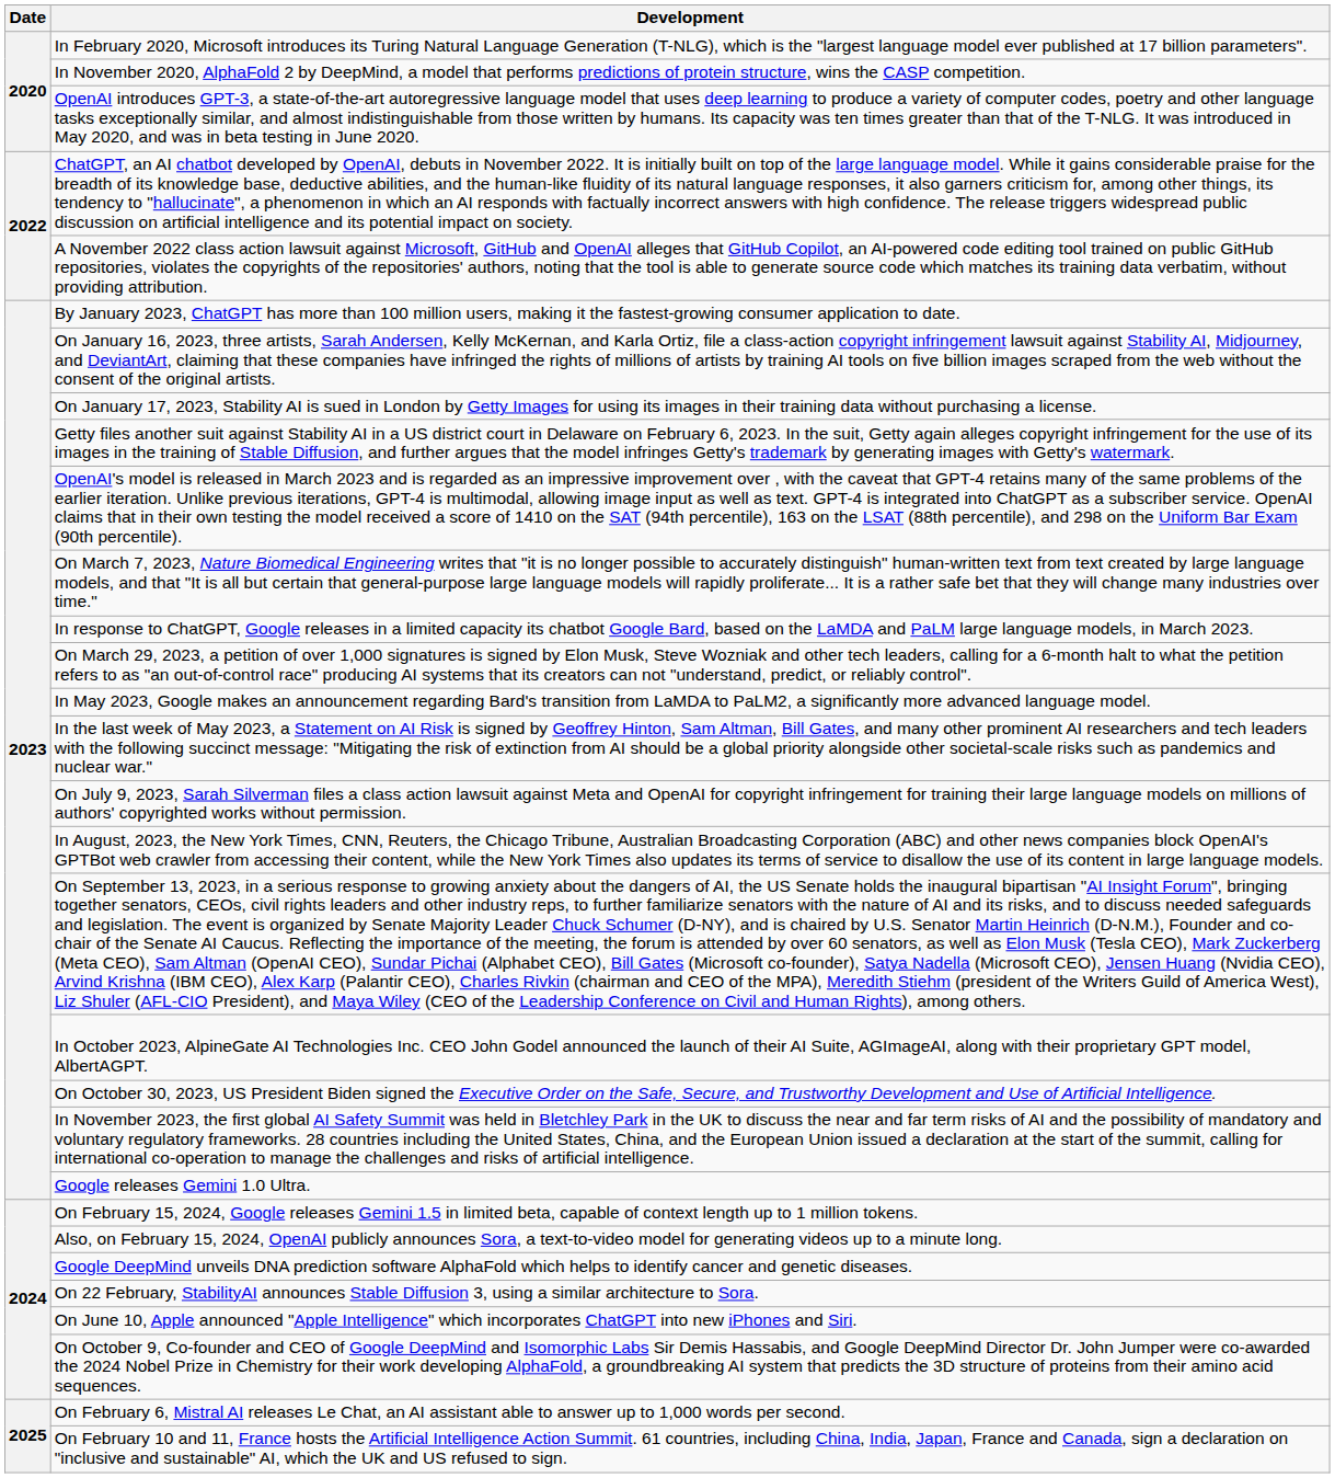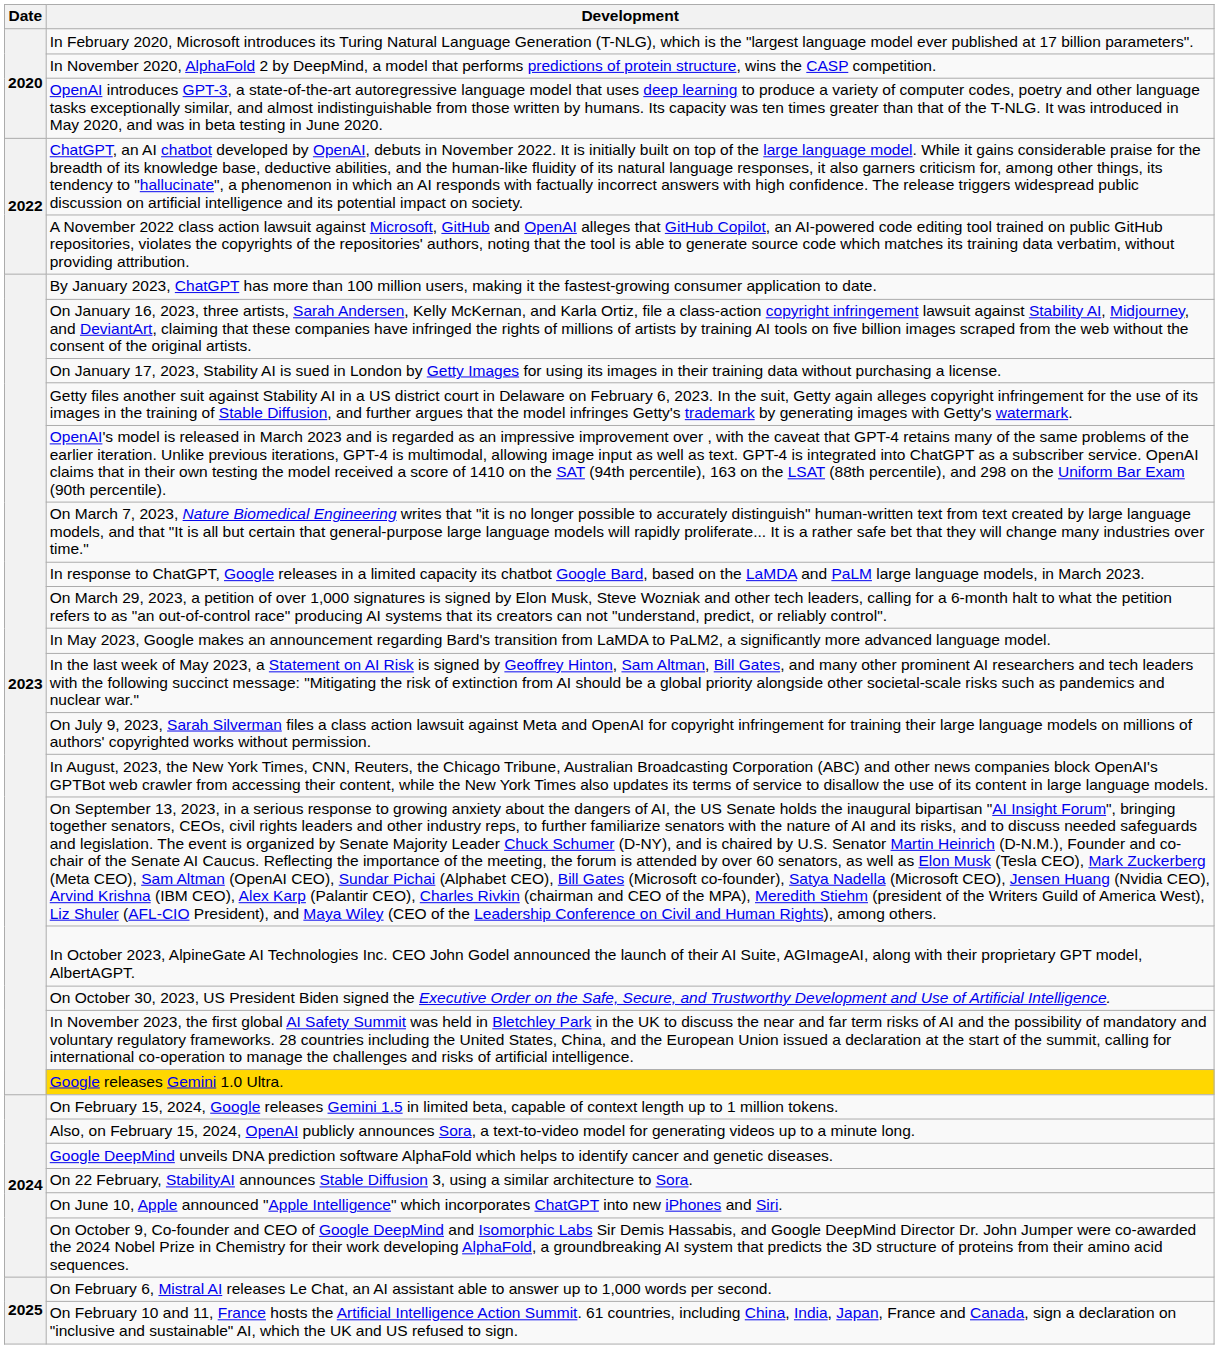 <table class="wikitable">
 <tr>
 <th>Date</th>
 <th>Development</th>
 </tr>
 <tr>
 <th rowspan=3>2020</th>
 <td>In February 2020, Microsoft introduces its Turing Natural Language Generation (T-NLG), which is the "largest language model ever published at 17 billion parameters".</td>
 </tr>
 <tr>
 <td>In November 2020, <a href='#'>AlphaFold</a> 2 by DeepMind, a model that performs <a href='#'>predictions of protein structure</a>, wins the <a href='#'>CASP</a> competition.</td>
 </tr>
 <tr>
 <td><a href='#'>OpenAI</a> introduces <a href='#'>GPT-3</a>, a state-of-the-art autoregressive language model that uses <a href='#'>deep learning</a> to produce a variety of computer codes, poetry and other language tasks exceptionally similar, and almost indistinguishable from those written by humans. Its capacity was ten times greater than that of the T-NLG. It was introduced in May 2020, and was in beta testing in June 2020.</td>
 </tr>
 <tr>
 <th rowspan=2>2022</th>
 <td><a href='#'>ChatGPT</a>, an AI <a href='#'>chatbot</a> developed by <a href='#'>OpenAI</a>, debuts in November 2022. It is initially built on top of the  <a href='#'>large language model</a>. While it gains considerable praise for the breadth of its knowledge base, deductive abilities, and the human-like fluidity of its natural language responses, it also garners criticism for, among other things, its tendency to "<a href='#'>hallucinate</a>", a phenomenon in which an AI responds with factually incorrect answers with high confidence. The release triggers widespread public discussion on artificial intelligence and its potential impact on society.</td>
 </tr>
 <tr>
 <td>A November 2022 class action lawsuit against <a href='#'>Microsoft</a>, <a href='#'>GitHub</a> and <a href='#'>OpenAI</a> alleges that <a href='#'>GitHub Copilot</a>, an AI-powered code editing tool trained on public GitHub repositories, violates the copyrights of the repositories' authors, noting that the tool is able to generate source code which matches its training data verbatim, without providing attribution.</td>
 </tr>
 <tr>
 <th rowspan="17">2023</th>
 <td>By January 2023, <a href='#'>ChatGPT</a> has more than 100 million users, making it the fastest-growing consumer application to date.</td>
 </tr>
 <tr>
 <td>On January 16, 2023, three artists, <a href='#'>Sarah Andersen</a>, Kelly McKernan, and Karla Ortiz, file a class-action <a href='#'>copyright infringement</a> lawsuit against <a href='#'>Stability AI</a>, <a href='#'>Midjourney</a>, and <a href='#'>DeviantArt</a>, claiming that these companies have infringed the rights of millions of artists by training AI tools on five billion images scraped from the web without the consent of the original artists.</td>
 </tr>
 <tr>
 <td>On January 17, 2023, Stability AI is sued in London by <a href='#'>Getty Images</a> for using its images in their training data without purchasing a license.</td>
 </tr>
 <tr>
 <td>Getty files another suit against Stability AI in a US district court in Delaware on February 6, 2023. In the suit, Getty again alleges copyright infringement for the use of its images in the training of <a href='#'>Stable Diffusion</a>, and further argues that the model infringes Getty's <a href='#'>trademark</a> by generating images with Getty's <a href='#'>watermark</a>.</td>
 </tr>
 <tr>
 <td><a href='#'>OpenAI</a>'s  model is released in March 2023 and is regarded as an impressive improvement over , with the caveat that GPT-4 retains many of the same problems of the earlier iteration. Unlike previous iterations, GPT-4 is multimodal, allowing image input as well as text. GPT-4 is integrated into ChatGPT as a subscriber service. OpenAI claims that in their own testing the model received a score of 1410 on the <a href='#'>SAT</a> (94th percentile), 163 on the <a href='#'>LSAT</a> (88th percentile), and 298 on the <a href='#'>Uniform Bar Exam</a> (90th percentile).</td>
 </tr>
 <tr>
 <td>On March 7, 2023, <em><a href='#'>Nature Biomedical Engineering</a></em> writes that "it is no longer possible to accurately distinguish" human-written text from text created by large language models, and that "It is all but certain that general-purpose large language models will rapidly proliferate... It is a rather safe bet that they will change many industries over time."</td>
 </tr>
 <tr>
 <td>In response to ChatGPT, <a href='#'>Google</a> releases in a limited capacity its chatbot <a href='#'>Google Bard</a>, based on the <a href='#'>LaMDA</a> and <a href='#'>PaLM</a> large language models, in March 2023.</td>
 </tr>
 <tr>
 <td>On March 29, 2023, a petition of over 1,000 signatures is signed by Elon Musk, Steve Wozniak and other tech leaders, calling for a 6-month halt to what the petition refers to as "an out-of-control race" producing AI systems that its creators can not "understand, predict, or reliably control".</td>
 </tr>
 <tr>
 <td>In May 2023, Google makes an announcement regarding Bard's transition from LaMDA to PaLM2, a significantly more advanced language model.</td>
 </tr>
 <tr>
 <td>In the last week of May 2023, a <a href='#'>Statement on AI Risk</a> is signed by <a href='#'>Geoffrey Hinton</a>, <a href='#'>Sam Altman</a>, <a href='#'>Bill Gates</a>, and many other prominent AI researchers and tech leaders with the following succinct message: "Mitigating the risk of extinction from AI should be a global priority alongside other societal-scale risks such as pandemics and nuclear war."</td>
 </tr>
 <tr>
 <td>On July 9, 2023, <a href='#'>Sarah Silverman</a> files a class action lawsuit against Meta and OpenAI for copyright infringement for training their large language models on millions of authors' copyrighted works without permission.</td>
 </tr>
 <tr>
 <td>In August, 2023, the New York Times, CNN, Reuters, the Chicago Tribune, Australian Broadcasting Corporation (ABC) and other news companies block OpenAI's GPTBot web crawler from accessing their content, while the New York Times also updates its terms of service to disallow the use of its content in large language models.</td>
 </tr>
 <tr>
 <td>On September 13, 2023, in a serious response to growing anxiety about the dangers of AI, the US Senate holds the inaugural bipartisan "<a href='#'>AI Insight Forum</a>", bringing together senators, CEOs, civil rights leaders and other industry reps, to further familiarize senators with the nature of AI and its risks, and to discuss needed safeguards and legislation. The event is organized by Senate Majority Leader <a href='#'>Chuck Schumer</a> (D-NY), and is chaired by U.S. Senator <a href='#'>Martin Heinrich</a> (D-N.M.), Founder and co-chair of the Senate AI Caucus. Reflecting the importance of the meeting, the forum is attended by over 60 senators, as well as <a href='#'>Elon Musk</a> (Tesla CEO), <a href='#'>Mark Zuckerberg</a> (Meta CEO), <a href='#'>Sam Altman</a> (OpenAI CEO), <a href='#'>Sundar Pichai</a> (Alphabet CEO), <a href='#'>Bill Gates</a> (Microsoft co-founder), <a href='#'>Satya Nadella</a> (Microsoft CEO), <a href='#'>Jensen Huang</a> (Nvidia CEO), <a href='#'>Arvind Krishna</a> (IBM CEO), <a href='#'>Alex Karp</a> (Palantir CEO), <a href='#'>Charles Rivkin</a> (chairman and CEO of the MPA), <a href='#'>Meredith Stiehm</a> (president of the Writers Guild of America West), <a href='#'>Liz Shuler</a> (<a href='#'>AFL-CIO</a> President), and <a href='#'>Maya Wiley</a> (CEO of the <a href='#'>Leadership Conference on Civil and Human Rights</a>), among others.</td>
 </tr>
 <tr>
 <td><br>In October 2023, AlpineGate AI Technologies Inc. CEO John Godel announced the launch of their AI Suite, AGImageAI, along with their proprietary GPT model, AlbertAGPT. </td>
 </tr>
 <tr>
 <td>On October 30, 2023, US President Biden signed the <em><a href='#'>Executive Order on the Safe, Secure, and Trustworthy Development and Use of Artificial Intelligence</a>.</em></td>
 </tr>
 <tr>
 <td>In November 2023, the first global <a href='#'>AI Safety Summit</a> was held in <a href='#'>Bletchley Park</a> in the UK to discuss the near and far term risks of AI and the possibility of mandatory and voluntary regulatory frameworks. 28 countries including the United States, China, and the European Union issued a declaration at the start of the summit, calling for international co-operation to manage the challenges and risks of artificial intelligence.</td>
 </tr>
 <tr>
-<td><a href='#'>Google</a> releases <a href='#'>Gemini</a> 1.0 Ultra.</td>
+<td style="background: gold;"><a href='#'>Google</a> releases <a href='#'>Gemini</a> 1.0 Ultra.</td>
 </tr>
 <tr>
 <th rowspan="6">2024</th>
 <td>On February 15, 2024, <a href='#'>Google</a> releases <a href='#'>Gemini 1.5</a> in limited beta, capable of context length up to 1 million tokens.</td>
 </tr>
 <tr>
 <td>Also, on February 15, 2024, <a href='#'>OpenAI</a> publicly announces <a href='#'>Sora</a>, a text-to-video model for generating videos up to a minute long.</td>
 </tr>
 <tr>
 <td><a href='#'>Google DeepMind</a> unveils DNA prediction software AlphaFold which helps to identify cancer and genetic diseases.</td>
 </tr>
 <tr>
 <td>On 22 February, <a href='#'>StabilityAI</a> announces <a href='#'>Stable Diffusion</a> 3, using a similar architecture to <a href='#'>Sora</a>.</td>
 </tr>
 <tr>
 <td>On June 10, <a href='#'>Apple</a> announced "<a href='#'>Apple Intelligence</a>" which incorporates <a href='#'>ChatGPT</a> into new <a href='#'>iPhones</a> and <a href='#'>Siri</a>.</td>
 </tr>
 <tr>
 <td>On October 9, Co-founder and CEO of <a href='#'>Google DeepMind</a> and <a href='#'>Isomorphic Labs</a> Sir Demis Hassabis, and Google DeepMind Director Dr. John Jumper were co-awarded the 2024 Nobel Prize in Chemistry for their work developing <a href='#'>AlphaFold</a>, a groundbreaking AI system that predicts the 3D structure of proteins from their amino acid sequences.</td>
 </tr>
 <tr>
 <th rowspan="16">2025</th>
 <td>On February 6, <a href='#'>Mistral AI</a> releases Le Chat, an AI assistant able to answer up to 1,000 words per second.</td>
 </tr>
 <tr>
 <td>On February 10 and 11, <a href='#'>France</a> hosts the <a href='#'>Artificial Intelligence Action Summit</a>. 61 countries, including <a href='#'>China</a>, <a href='#'>India</a>, <a href='#'>Japan</a>, France and <a href='#'>Canada</a>, sign a declaration on "inclusive and sustainable" AI, which the UK and US refused to sign.</td>
 </tr>
 </table>
